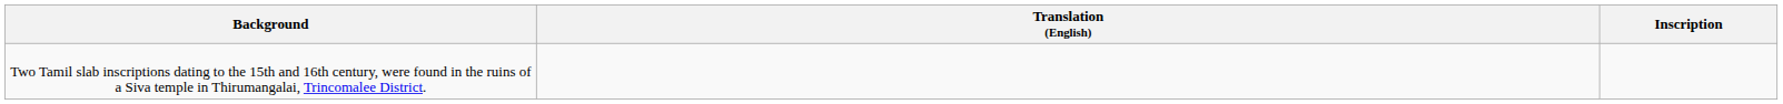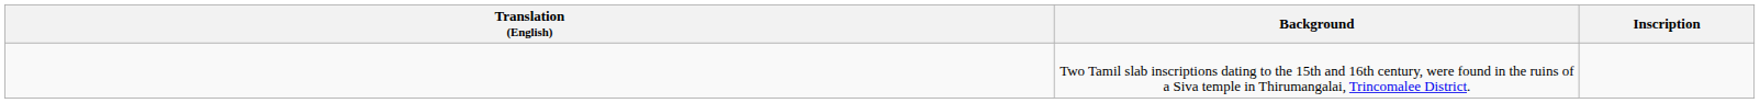 <table class="wikitable centre">
 <tr>
+<th>Translation<br><small>(English)</small></th>
 <th scope="col" align=left>Background<br></th>
-<th>Translation<br><small>(English)</small></th>
 <th>Inscription<br></th>
 </tr>
 <tr>
+<td align=left><br></td>
 <td align=center width="30%"><br>Two Tamil slab inscriptions dating to the 15th and 16th century, were found in the ruins of a Siva temple in Thirumangalai, <a href='#'>Trincomalee District</a>.</td>
-<td align=left><br></td>
 <td align=center width="10%"></td>
 </tr>
 </table>
